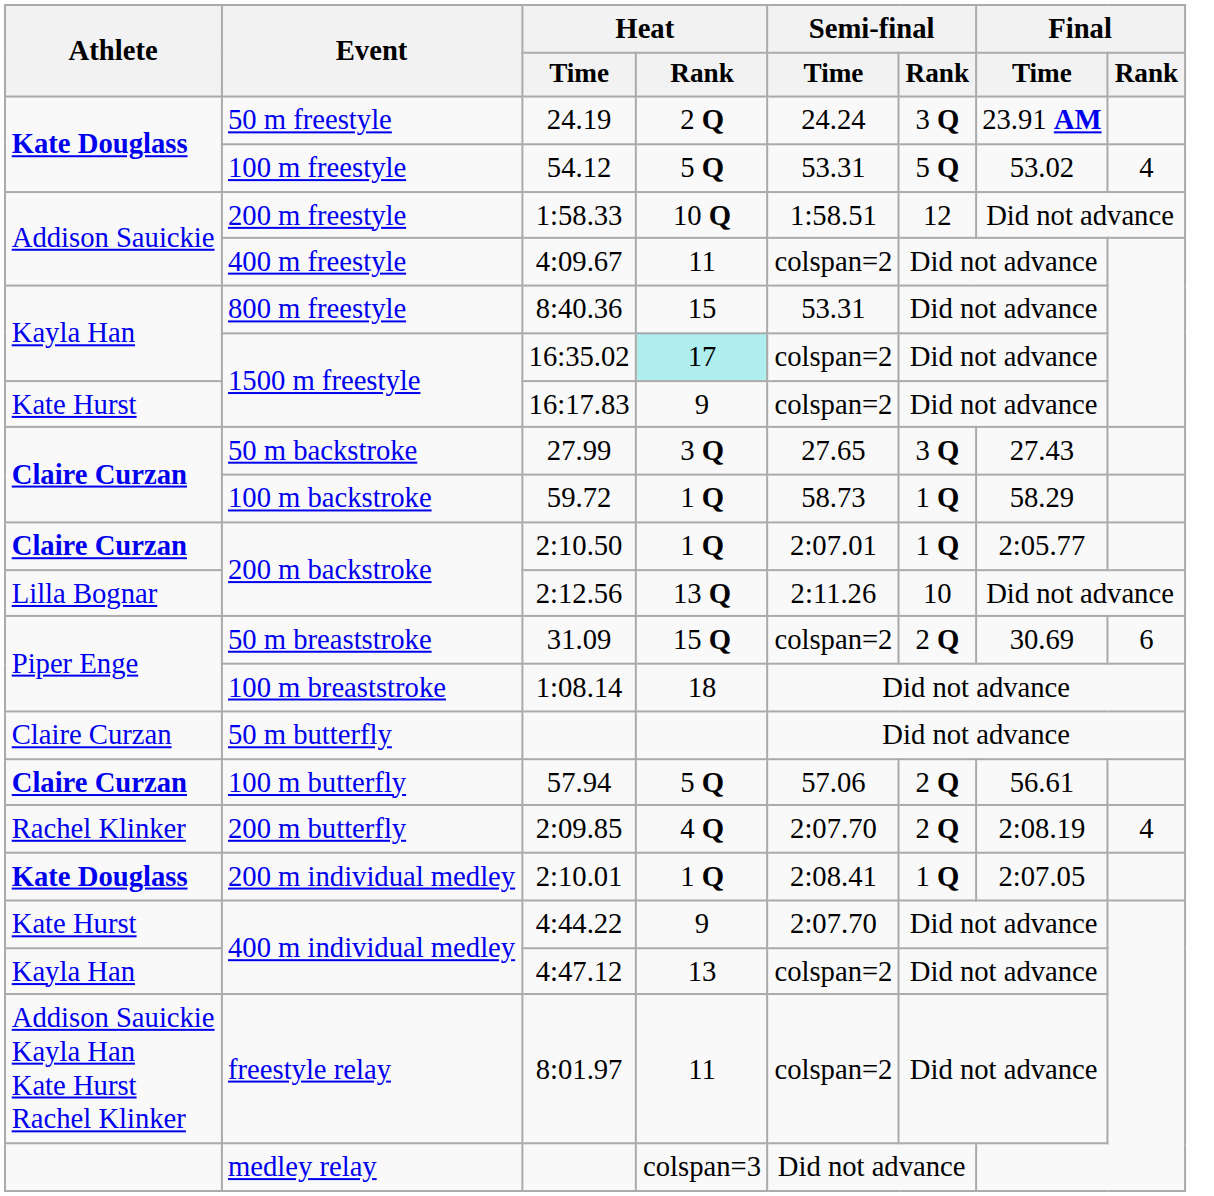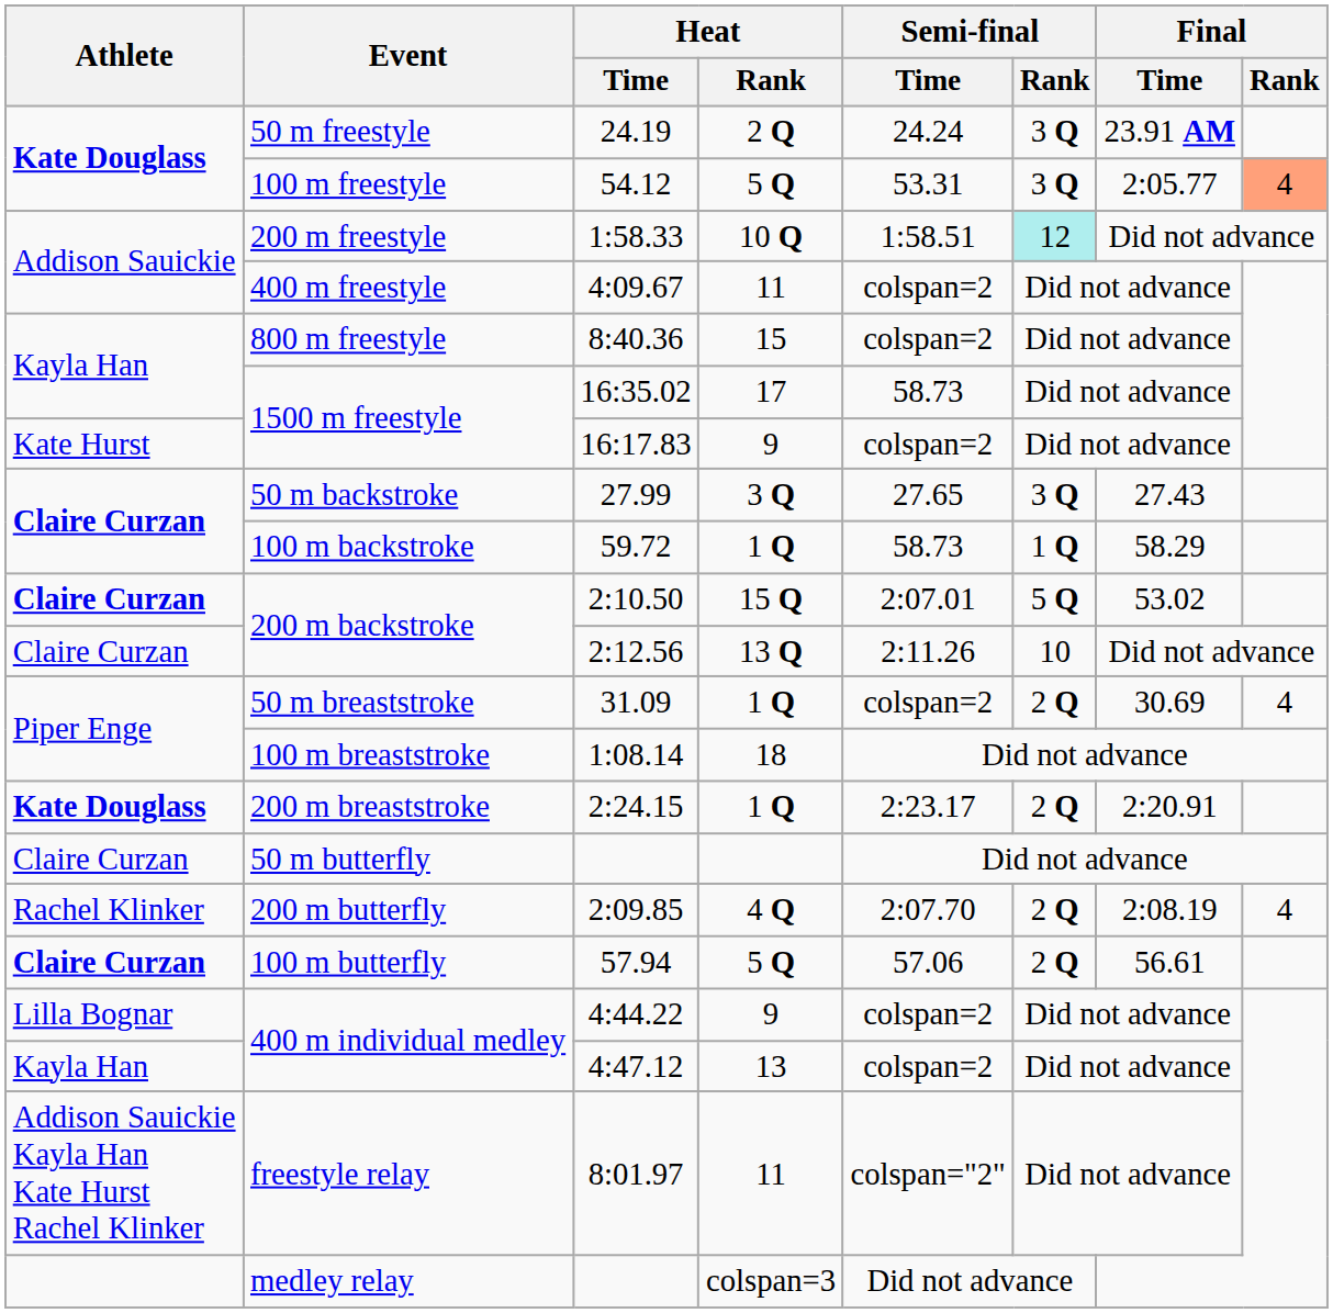 <table class="wikitable" style="text-align:center; font-size:90%">
 <tr>
 <th rowspan="2">Athlete</th>
 <th rowspan="2">Event</th>
 <th colspan="2">Heat</th>
 <th colspan="2">Semi-final</th>
 <th colspan="2">Final</th>
 </tr>
 <tr style="font-size:95%">
 <th>Time</th>
 <th>Rank</th>
 <th>Time</th>
 <th>Rank</th>
 <th>Time</th>
 <th>Rank</th>
 </tr>
 <tr>
 <td align=left rowspan=2><strong><a href='#'>Kate Douglass</a></strong></td>
 <td align=left><a href='#'>50 m freestyle</a></td>
 <td>24.19</td>
 <td>2 <strong>Q</strong></td>
 <td>24.24</td>
 <td>3 <strong>Q</strong></td>
 <td>23.91 <strong><a href='#'>AM</a></strong></td>
 <td></td>
 </tr>
 <tr>
 <td align=left><a href='#'>100 m freestyle</a></td>
 <td>54.12</td>
 <td>5 <strong>Q</strong></td>
 <td>53.31</td>
-<td>5 <strong>Q</strong></td>
-<td>53.02</td>
-<td>4</td>
+<td>3 <strong>Q</strong></td>
+<td>2:05.77</td>
+<td style="background: lightsalmon;">4</td>
 </tr>
 <tr>
 <td align=left rowspan=2><a href='#'>Addison Sauickie</a></td>
 <td align=left><a href='#'>200 m freestyle</a></td>
 <td>1:58.33</td>
 <td>10 <strong>Q</strong></td>
 <td>1:58.51</td>
-<td>12</td>
+<td style="background: paleturquoise;">12</td>
 <td colspan="2">Did not advance</td>
 </tr>
 <tr>
 <td align=left><a href='#'>400 m freestyle</a></td>
 <td>4:09.67</td>
 <td>11</td>
 <td>colspan=2 </td>
 <td colspan=2>Did not advance</td>
 </tr>
 <tr>
 <td align=left rowspan=2><a href='#'>Kayla Han</a></td>
 <td align=left><a href='#'>800 m freestyle</a></td>
 <td>8:40.36</td>
 <td>15</td>
-<td>53.31</td>
+<td>colspan=2 </td>
 <td colspan=2>Did not advance</td>
 </tr>
 <tr>
 <td align=left rowspan=2><a href='#'>1500 m freestyle</a></td>
 <td>16:35.02</td>
-<td style="background: paleturquoise;">17</td>
-<td>colspan=2 </td>
+<td>17</td>
+<td>58.73</td>
 <td colspan=2>Did not advance</td>
 </tr>
 <tr>
 <td align=left><a href='#'>Kate Hurst</a></td>
 <td>16:17.83</td>
 <td>9</td>
 <td>colspan=2 </td>
 <td colspan=2>Did not advance</td>
 </tr>
 <tr>
 <td align=left rowspan=2><strong><a href='#'>Claire Curzan</a></strong></td>
 <td align=left><a href='#'>50 m backstroke</a></td>
 <td>27.99</td>
 <td>3 <strong>Q</strong></td>
 <td>27.65</td>
 <td>3 <strong>Q</strong></td>
 <td>27.43</td>
 <td></td>
 </tr>
 <tr>
 <td align=left><a href='#'>100 m backstroke</a></td>
 <td>59.72</td>
 <td>1 <strong>Q</strong></td>
 <td>58.73</td>
 <td>1 <strong>Q</strong></td>
 <td>58.29</td>
 <td></td>
 </tr>
 <tr>
 <td align=left><strong><a href='#'>Claire Curzan</a></strong></td>
 <td align=left rowspan=2><a href='#'>200 m backstroke</a></td>
 <td>2:10.50</td>
-<td>1 <strong>Q</strong></td>
+<td>15 <strong>Q</strong></td>
 <td>2:07.01</td>
-<td>1 <strong>Q</strong></td>
-<td>2:05.77</td>
+<td>5 <strong>Q</strong></td>
+<td>53.02</td>
 <td></td>
 </tr>
 <tr>
-<td align=left><a href='#'>Lilla Bognar</a></td>
+<td align=left><a href='#'>Claire Curzan</a></td>
 <td>2:12.56</td>
 <td>13 <strong>Q</strong></td>
 <td>2:11.26</td>
 <td>10</td>
 <td colspan="2">Did not advance</td>
 </tr>
 <tr>
 <td align=left rowspan=2><a href='#'>Piper Enge</a></td>
 <td align=left><a href='#'>50 m breaststroke</a></td>
 <td>31.09</td>
-<td>15 <strong>Q</strong></td>
+<td>1 <strong>Q</strong></td>
 <td>colspan=2 </td>
 <td>2 <strong>Q</strong></td>
 <td>30.69</td>
-<td>6</td>
+<td>4</td>
 </tr>
 <tr>
 <td align=left><a href='#'>100 m breaststroke</a></td>
 <td>1:08.14</td>
 <td>18</td>
 <td colspan="4">Did not advance</td>
 </tr>
 <tr>
+<td align=left><strong><a href='#'>Kate Douglass</a></strong></td>
+<td align=left><a href='#'>200 m breaststroke</a></td>
+<td>2:24.15</td>
+<td>1 <strong>Q</strong></td>
+<td>2:23.17</td>
+<td>2 <strong>Q</strong></td>
+<td>2:20.91</td>
+<td></td>
+</tr>
+<tr>
 <td align=left><a href='#'>Claire Curzan</a></td>
 <td align=left><a href='#'>50 m butterfly</a></td>
 <td><strong></strong></td>
 <td></td>
 <td colspan=4>Did not advance</td>
+</tr>
+<tr>
+<td align=left><a href='#'>Rachel Klinker</a></td>
+<td align=left><a href='#'>200 m butterfly</a></td>
+<td>2:09.85</td>
+<td>4 <strong>Q</strong></td>
+<td>2:07.70</td>
+<td>2 <strong>Q</strong></td>
+<td>2:08.19</td>
+<td>4</td>
 </tr>
 <tr>
 <td align=left><strong><a href='#'>Claire Curzan</a></strong></td>
 <td align=left><a href='#'>100 m butterfly</a></td>
 <td>57.94</td>
 <td>5 <strong>Q</strong></td>
 <td>57.06</td>
 <td>2 <strong>Q</strong></td>
 <td>56.61</td>
 <td></td>
 </tr>
 <tr>
-<td align=left><a href='#'>Rachel Klinker</a></td>
-<td align=left><a href='#'>200 m butterfly</a></td>
-<td>2:09.85</td>
-<td>4 <strong>Q</strong></td>
-<td>2:07.70</td>
-<td>2 <strong>Q</strong></td>
-<td>2:08.19</td>
-<td>4</td>
-</tr>
-<tr>
-<td align=left><strong><a href='#'>Kate Douglass</a></strong></td>
-<td align=left><a href='#'>200 m individual medley</a></td>
-<td>2:10.01</td>
-<td>1 <strong>Q</strong></td>
-<td>2:08.41</td>
-<td>1 <strong>Q</strong></td>
-<td>2:07.05</td>
-<td></td>
-</tr>
-<tr>
-<td align=left><a href='#'>Kate Hurst</a></td>
+<td align=left><a href='#'>Lilla Bognar</a></td>
 <td align=left rowspan=2><a href='#'>400 m individual medley</a></td>
 <td>4:44.22</td>
 <td>9</td>
-<td>2:07.70</td>
+<td>colspan=2 </td>
 <td colspan="2">Did not advance</td>
 </tr>
 <tr>
 <td align=left><a href='#'>Kayla Han</a></td>
 <td>4:47.12</td>
 <td>13</td>
 <td>colspan=2 </td>
 <td colspan="2">Did not advance</td>
 </tr>
 <tr>
 <td align=left><a href='#'>Addison Sauickie</a><br><a href='#'>Kayla Han</a><br><a href='#'>Kate Hurst</a><br><a href='#'>Rachel Klinker</a></td>
 <td align=left><a href='#'> freestyle relay</a></td>
 <td>8:01.97</td>
 <td>11</td>
-<td>colspan=2 </td>
+<td>colspan="2" </td>
 <td colspan="2">Did not advance</td>
 </tr>
 <tr>
 <td align=left></td>
 <td align=left><a href='#'> medley relay</a></td>
 <td><strong></strong></td>
 <td>colspan=3 </td>
 <td colspan="2">Did not advance</td>
 </tr>
 </table>
